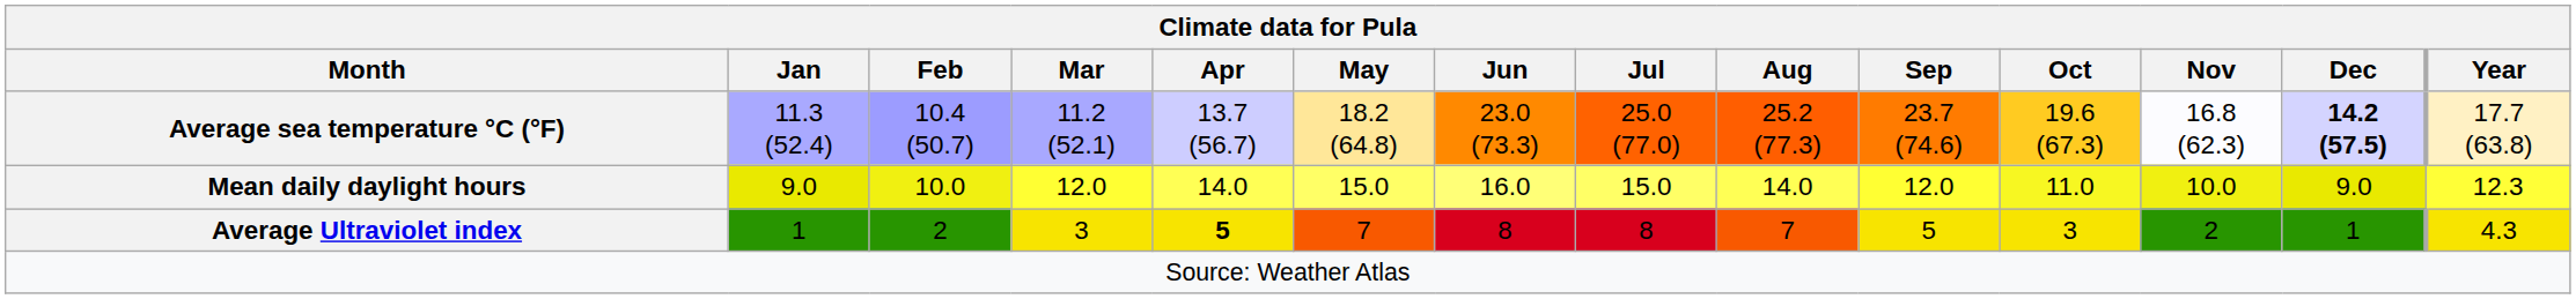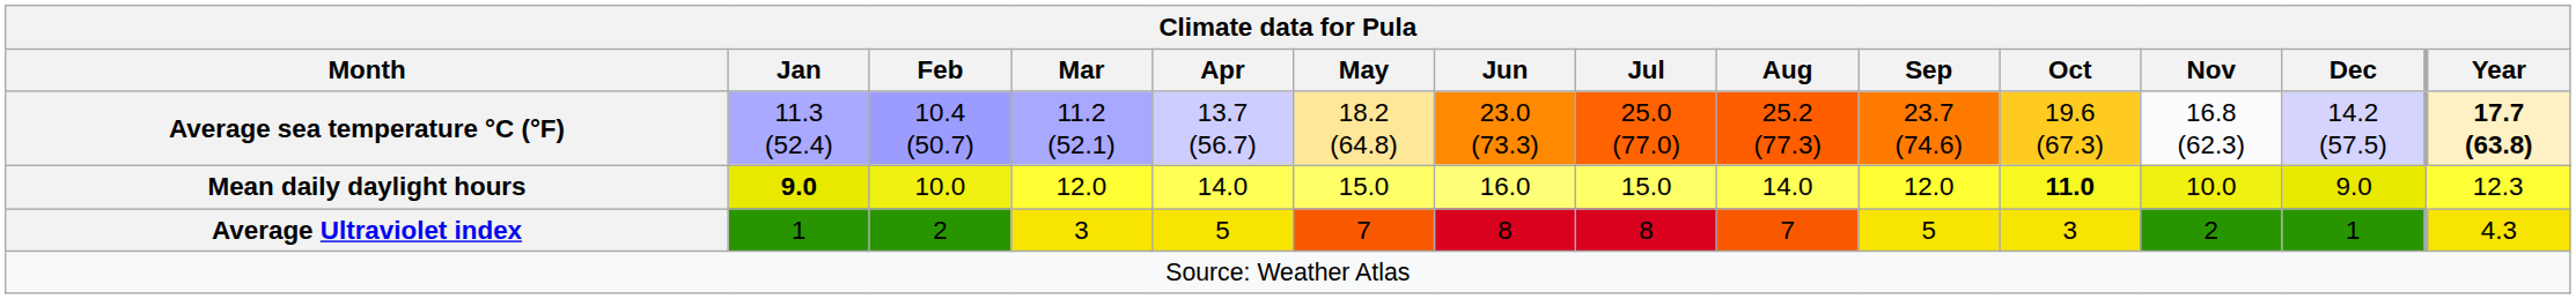 <table style="width:100%;text-align:center;line-height:1.2em;margin-left:auto;margin-right:auto" class="wikitable mw-collapsible">
 <tr>
 <th colspan=14>Climate data for Pula</th>
 </tr>
 <tr>
 <th>Month</th>
 <th>Jan</th>
 <th>Feb</th>
 <th>Mar</th>
 <th>Apr</th>
 <th>May</th>
 <th>Jun</th>
 <th>Jul</th>
 <th>Aug</th>
 <th>Sep</th>
 <th>Oct</th>
 <th>Nov</th>
 <th>Dec</th>
 <th style="border-left-width:medium">Year</th>
 </tr>
 <tr>
 <th>Average sea temperature °C (°F)</th>
 <td style="background:#A9A9FF;color:#000000;">11.3<br>(52.4)</td>
 <td style="background:#9C9CFF;color:#000000;">10.4<br>(50.7)</td>
 <td style="background:#A8A8FF;color:#000000;">11.2<br>(52.1)</td>
 <td style="background:#CDCDFF;color:#000000;">13.7<br>(56.7)</td>
 <td style="background:#FFE799;color:#000000;">18.2<br>(64.8)</td>
 <td style="background:#FF8900;color:#000000;">23.0<br>(73.3)</td>
 <td style="background:#FF6200;color:#000000;">25.0<br>(77.0)</td>
 <td style="background:#FF5E00;color:#000000;">25.2<br>(77.3)</td>
 <td style="background:#FF7B00;color:#000000;">23.7<br>(74.6)</td>
 <td style="background:#FFCB21;color:#000000;">19.6<br>(67.3)</td>
 <td style="background:#FCFCFF;color:#000000;">16.8<br>(62.3)</td>
-<td style="background:#D4D4FF;color:#000000;"><strong>14.2<br>(57.5)</strong></td>
-<td style="background:#FFF1C4;color:#000000;border-left-width:medium">17.7<br>(63.8)</td>
+<td style="background:#D4D4FF;color:#000000;">14.2<br>(57.5)</td>
+<td style="background:#FFF1C4;color:#000000;border-left-width:medium"><strong>17.7<br>(63.8)</strong></td>
 </tr>
 <tr>
 <th>Mean daily daylight hours</th>
-<td style="background:#E9E900;color:#000000;">9.0</td>
+<td style="background:#E9E900;color:#000000;"><strong>9.0</strong></td>
 <td style="background:#F0F011;color:#000000;">10.0</td>
 <td style="background:#FFFF33;color:#000000;">12.0</td>
 <td style="background:#FFFF55;color:#000000;">14.0</td>
 <td style="background:#FFFF66;color:#000000;">15.0</td>
 <td style="background:#FFFF77;color:#000000;">16.0</td>
 <td style="background:#FFFF66;color:#000000;">15.0</td>
 <td style="background:#FFFF55;color:#000000;">14.0</td>
 <td style="background:#FFFF33;color:#000000;">12.0</td>
-<td style="background:#F7F722;color:#000000;">11.0</td>
+<td style="background:#F7F722;color:#000000;"><strong>11.0</strong></td>
 <td style="background:#F0F011;color:#000000;">10.0</td>
 <td style="background:#E9E900;color:#000000;">9.0</td>
 <td style="background:#FFFF37;color:#000000;">12.3</td>
 </tr>
 <tr>
 <th>Average <a href='#'>Ultraviolet index</a></th>
 <td style="background:#289500;color:#000000;">1</td>
 <td style="background:#289500;color:#000000;">2</td>
 <td style="background:#f7e400;color:#000000;">3</td>
-<td style="background:#f7e400;color:#000000;"><strong>5</strong></td>
+<td style="background:#f7e400;color:#000000;">5</td>
 <td style="background:#f85900;color:#000000;">7</td>
 <td style="background:#d8001d;color:#000000;">8</td>
 <td style="background:#d8001d;color:#000000;">8</td>
 <td style="background:#f85900;color:#000000;">7</td>
 <td style="background:#f7e400;color:#000000;">5</td>
 <td style="background:#f7e400;color:#000000;">3</td>
 <td style="background:#289500;color:#000000;">2</td>
 <td style="background:#289500;color:#000000;">1</td>
 <td style="background:#f7e400;color:#000000;border-left-width:medium">4.3</td>
 </tr>
 <tr>
 <th colspan=14 style="background:#f8f9fa;font-weight:normal;font-size:95%;">Source: Weather Atlas</th>
 </tr>
 </table>
